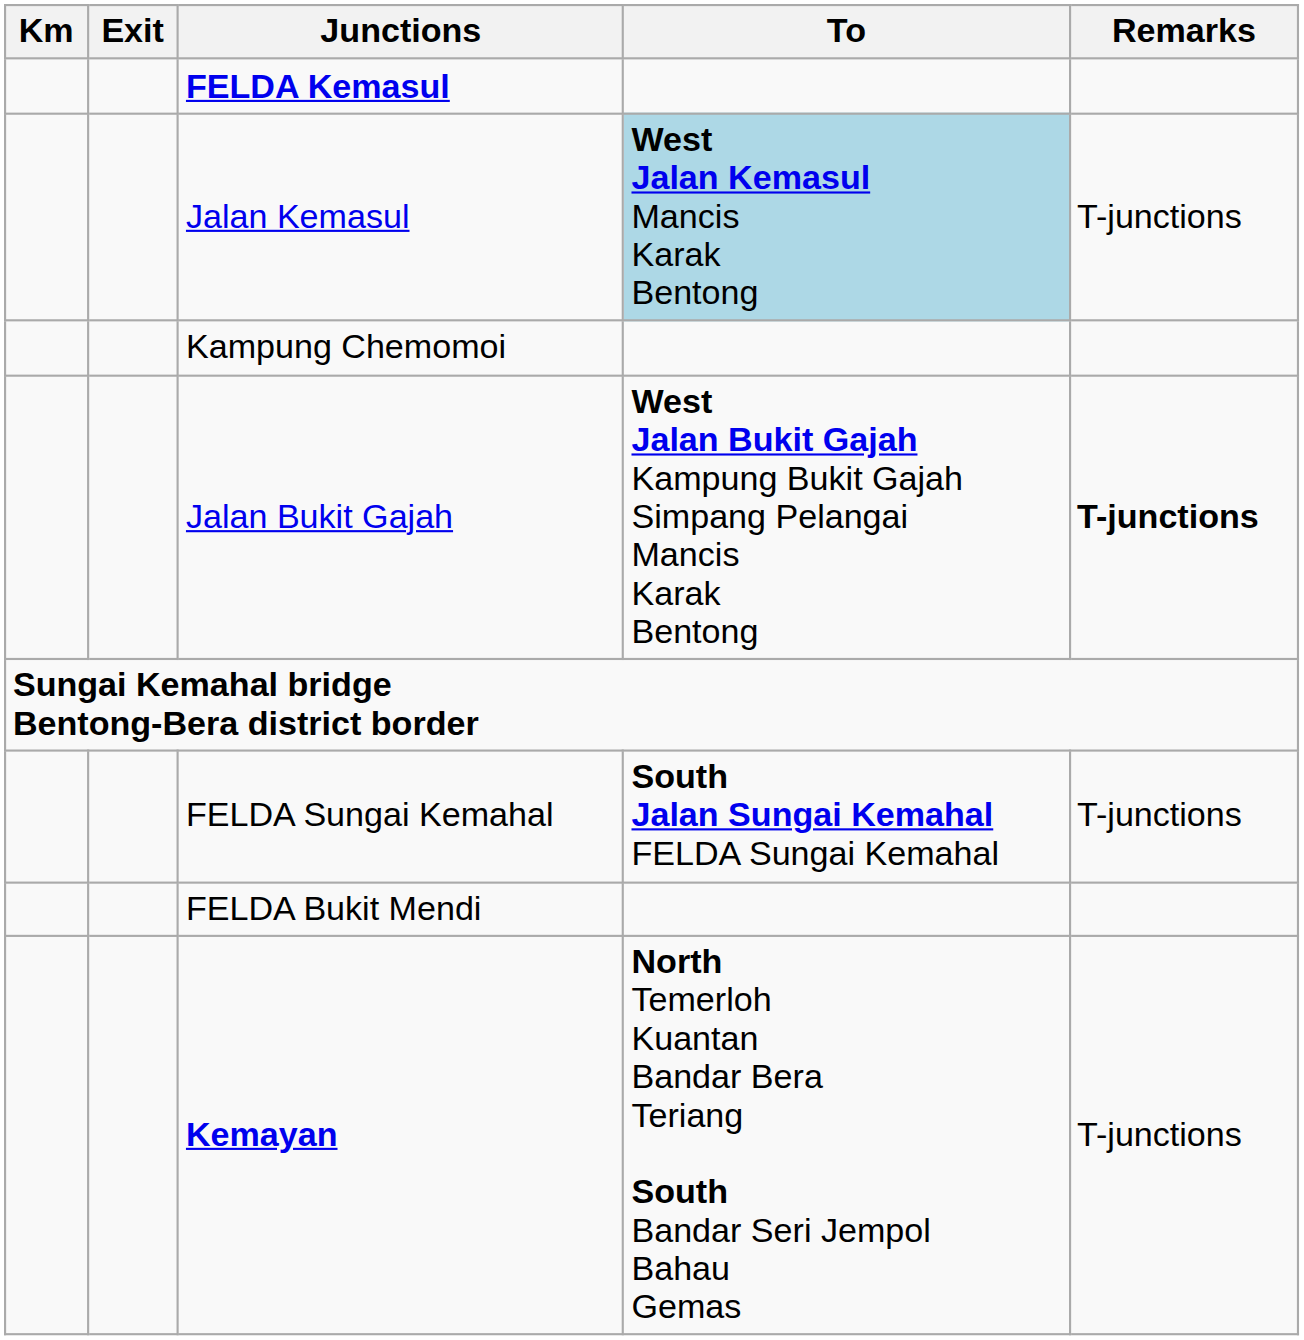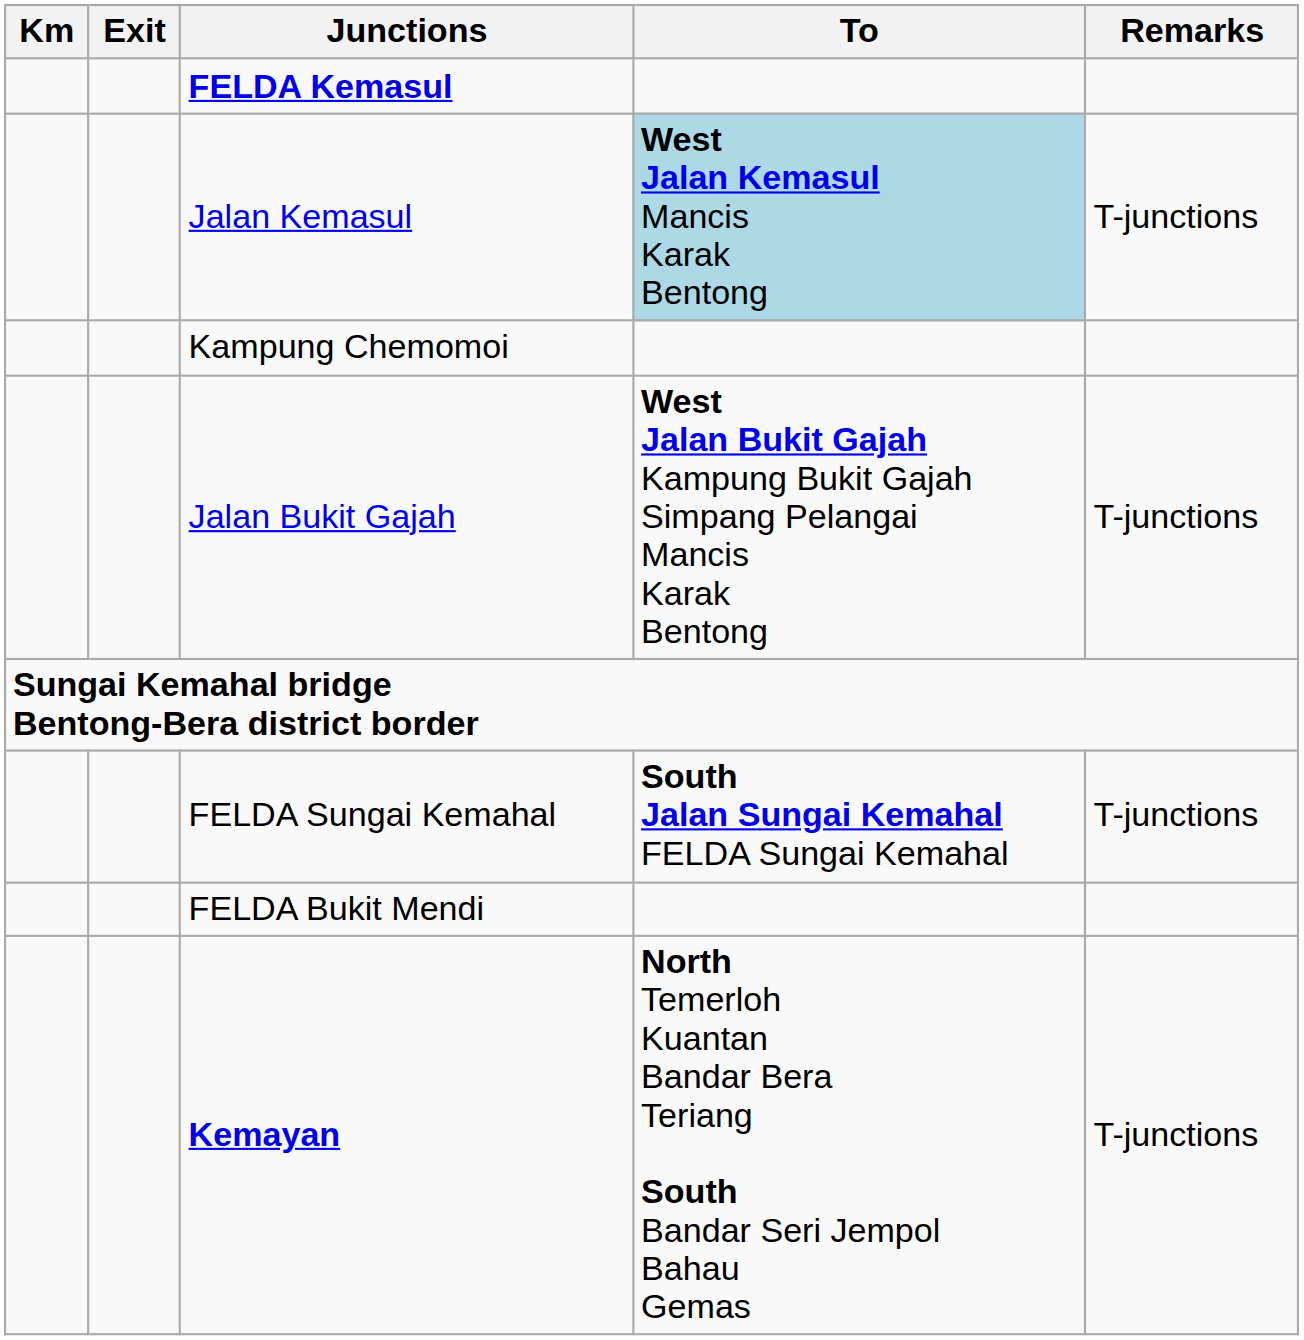 <table class="wikitable">
 <tr>
 <th>Km</th>
 <th>Exit</th>
 <th>Junctions</th>
 <th>To</th>
 <th>Remarks</th>
 </tr>
 <tr>
 <td></td>
 <td></td>
 <td><strong><a href='#'>FELDA Kemasul</a></strong></td>
 <td></td>
 <td></td>
 </tr>
 <tr>
 <td></td>
 <td></td>
 <td><a href='#'>Jalan Kemasul</a></td>
 <td style="background: lightblue;"><strong>West</strong><br> <strong><a href='#'>Jalan Kemasul</a></strong><br> Mancis<br> Karak<br> Bentong</td>
 <td>T-junctions</td>
 </tr>
 <tr>
 <td></td>
 <td></td>
 <td>Kampung Chemomoi</td>
 <td></td>
 <td></td>
 </tr>
 <tr>
 <td></td>
 <td></td>
 <td><a href='#'>Jalan Bukit Gajah</a></td>
 <td><strong>West</strong><br> <strong><a href='#'>Jalan Bukit Gajah</a></strong><br>Kampung Bukit Gajah<br>Simpang Pelangai<br>Mancis<br>Karak<br>Bentong</td>
-<td><strong>T-junctions</strong></td>
+<td>T-junctions</td>
 </tr>
 <tr>
 <td style="width:600px" colspan="6" style="text-align:center; background:blue;"><strong><span>Sungai Kemahal bridge<br>Bentong-Bera district border</span></strong></td>
 </tr>
 <tr>
 <td></td>
 <td></td>
 <td>FELDA Sungai Kemahal</td>
 <td><strong>South</strong><br> <strong><a href='#'>Jalan Sungai Kemahal</a></strong><br>FELDA Sungai Kemahal</td>
 <td>T-junctions</td>
 </tr>
 <tr>
 <td></td>
 <td></td>
 <td>FELDA Bukit Mendi</td>
 <td></td>
 <td></td>
 </tr>
 <tr>
 <td></td>
 <td></td>
 <td><strong><a href='#'>Kemayan</a></strong></td>
 <td><strong>North</strong><br> Temerloh<br> Kuantan<br> Bandar Bera<br> Teriang<br><br><strong>South</strong><br> Bandar Seri Jempol<br> Bahau<br> Gemas</td>
 <td>T-junctions</td>
 </tr>
 </table>
